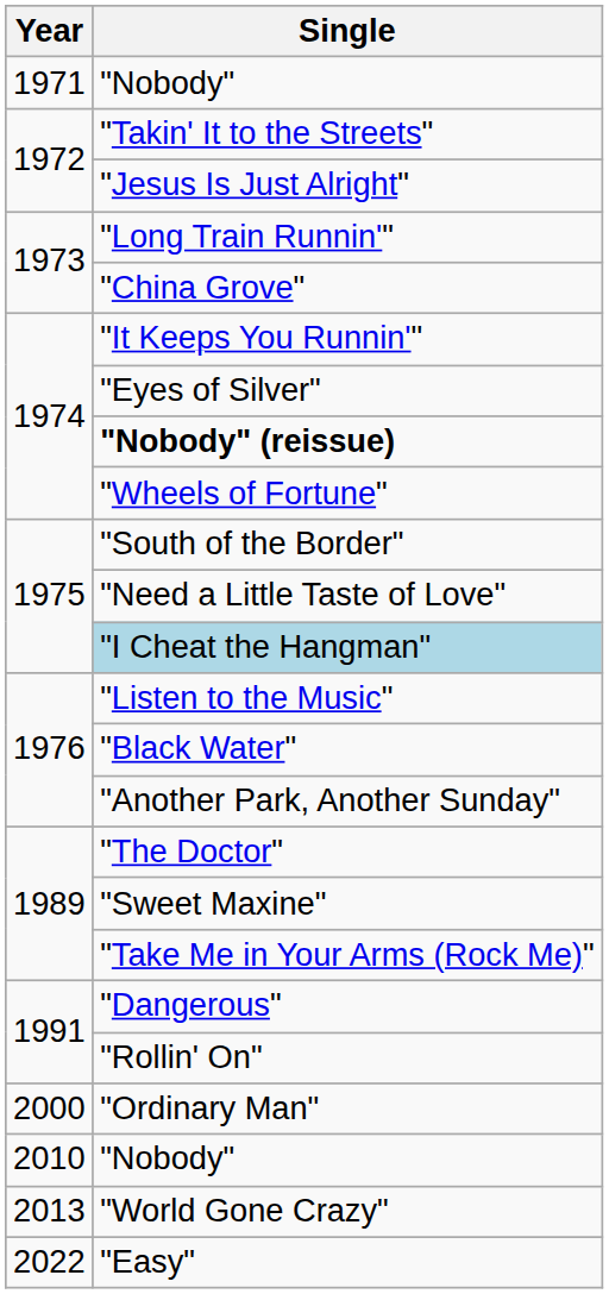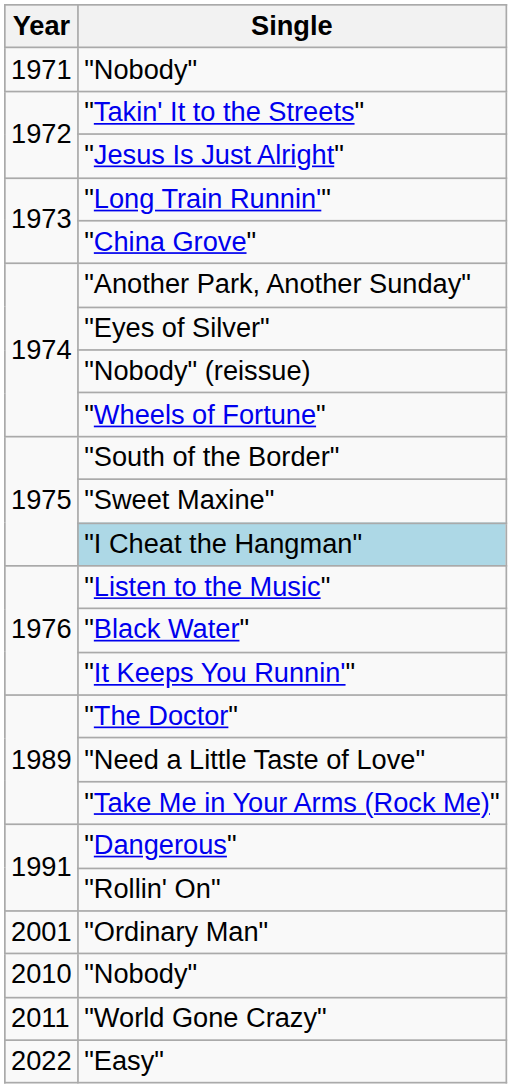 <table class="wikitable">
 <tr>
 <th>Year</th>
 <th>Single</th>
 </tr>
 <tr>
 <td>1971</td>
 <td>"Nobody"</td>
 </tr>
 <tr>
 <td rowspan="2">1972</td>
 <td>"<a href='#'>Takin' It to the Streets</a>"</td>
 </tr>
 <tr>
 <td>"<a href='#'>Jesus Is Just Alright</a>"</td>
 </tr>
 <tr>
 <td rowspan="2">1973</td>
 <td>"<a href='#'>Long Train Runnin'</a>"</td>
 </tr>
 <tr>
 <td>"<a href='#'>China Grove</a>"</td>
 </tr>
 <tr>
 <td rowspan="4">1974</td>
-<td>"<a href='#'>It Keeps You Runnin'</a>"</td>
+<td>"Another Park, Another Sunday"</td>
 </tr>
 <tr>
 <td>"Eyes of Silver"</td>
 </tr>
 <tr>
-<td><strong>"Nobody" (reissue)</strong></td>
+<td>"Nobody" (reissue)</td>
 </tr>
 <tr>
 <td>"<a href='#'>Wheels of Fortune</a>"</td>
 </tr>
 <tr>
 <td rowspan="3">1975</td>
 <td>"South of the Border"</td>
 </tr>
 <tr>
-<td>"Need a Little Taste of Love"</td>
+<td>"Sweet Maxine"</td>
 </tr>
 <tr>
 <td style="background: lightblue;">"I Cheat the Hangman"</td>
 </tr>
 <tr>
 <td rowspan="3">1976</td>
 <td>"<a href='#'>Listen to the Music</a>"</td>
 </tr>
 <tr>
 <td>"<a href='#'>Black Water</a>"</td>
 </tr>
 <tr>
-<td>"Another Park, Another Sunday"</td>
+<td>"<a href='#'>It Keeps You Runnin'</a>"</td>
 </tr>
 <tr>
 <td rowspan="3">1989</td>
 <td>"<a href='#'>The Doctor</a>"</td>
 </tr>
 <tr>
-<td>"Sweet Maxine"</td>
+<td>"Need a Little Taste of Love"</td>
 </tr>
 <tr>
 <td>"<a href='#'>Take Me in Your Arms (Rock Me)</a>"</td>
 </tr>
 <tr>
 <td rowspan="2">1991</td>
 <td>"<a href='#'>Dangerous</a>"</td>
 </tr>
 <tr>
 <td>"Rollin' On"</td>
 </tr>
 <tr>
-<td>2000</td>
+<td>2001</td>
 <td>"Ordinary Man"</td>
 </tr>
 <tr>
 <td>2010</td>
 <td>"Nobody"</td>
 </tr>
 <tr>
-<td>2013</td>
+<td>2011</td>
 <td>"World Gone Crazy"</td>
 </tr>
 <tr>
 <td>2022</td>
 <td>"Easy"</td>
 </tr>
 </table>
